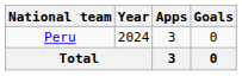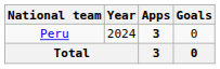 <table class="wikitable" style="text-align:center">
 <tr>
 <th>National team</th>
 <th>Year</th>
 <th>Apps</th>
 <th>Goals</th>
 </tr>
 <tr>
 <td rowspan="1"><a href='#'>Peru</a></td>
 <td>2024</td>
-<td>3</td>
+<td><strong>3</strong></td>
 <td>0</td>
 </tr>
 <tr>
 <th colspan="2">Total</th>
 <th>3</th>
 <th>0</th>
 </tr>
 </table>
